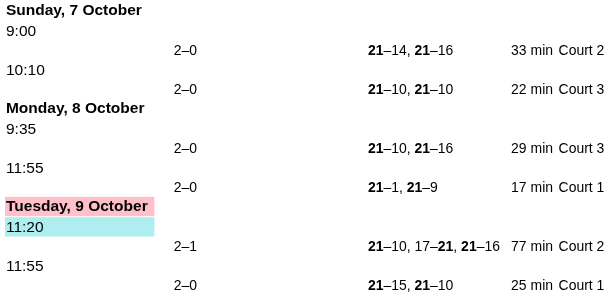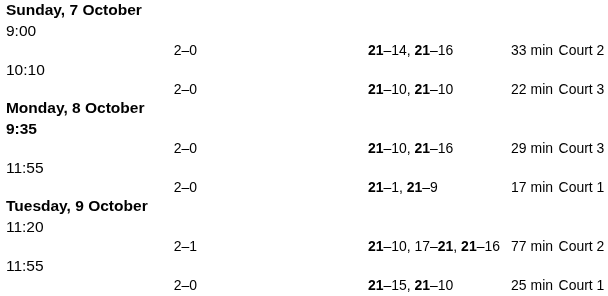 <table style="width:100%;" cellspacing="1">
 <tr>
 <th width=25%></th>
 <th width=10%></th>
 <th width=25%></th>
 </tr>
 <tr>
 <td><strong>Sunday, 7 October</strong></td>
 </tr>
 <tr>
 <td>9:00</td>
 </tr>
 <tr style=font-size:90%>
 <td align=right><strong></strong></td>
 <td align=center>2–0</td>
 <td></td>
 <td><strong>21</strong>–14, <strong>21</strong>–16</td>
 <td>33 min</td>
 <td>Court 2</td>
 </tr>
 <tr>
 <td>10:10</td>
 </tr>
 <tr style=font-size:90%>
 <td align=right><strong></strong></td>
 <td align=center>2–0</td>
 <td></td>
 <td><strong>21</strong>–10, <strong>21</strong>–10</td>
 <td>22 min</td>
 <td>Court 3</td>
 </tr>
 <tr>
 <td><strong>Monday, 8 October</strong></td>
 </tr>
 <tr>
-<td>9:35</td>
+<td><strong>9:35</strong></td>
 </tr>
 <tr style=font-size:90%>
 <td align=right><strong></strong></td>
 <td align=center>2–0</td>
 <td></td>
 <td><strong>21</strong>–10, <strong>21</strong>–16</td>
 <td>29 min</td>
 <td>Court 3</td>
 </tr>
 <tr>
 <td>11:55</td>
 </tr>
 <tr style=font-size:90%>
 <td align=right><strong></strong></td>
 <td align=center>2–0</td>
 <td></td>
 <td><strong>21</strong>–1, <strong>21</strong>–9</td>
 <td>17 min</td>
 <td>Court 1</td>
 </tr>
 <tr>
-<td style="background: pink;"><strong>Tuesday, 9 October</strong></td>
+<td><strong>Tuesday, 9 October</strong></td>
 </tr>
 <tr>
-<td style="background: paleturquoise;">11:20</td>
+<td>11:20</td>
 </tr>
 <tr style=font-size:90%>
 <td align=right><strong></strong></td>
 <td align=center>2–1</td>
 <td></td>
 <td><strong>21</strong>–10, 17–<strong>21</strong>, <strong>21</strong>–16</td>
 <td>77 min</td>
 <td>Court 2</td>
 </tr>
 <tr>
 <td>11:55</td>
 </tr>
 <tr style=font-size:90%>
 <td align=right><strong></strong></td>
 <td align=center>2–0</td>
 <td></td>
 <td><strong>21</strong>–15, <strong>21</strong>–10</td>
 <td>25 min</td>
 <td>Court 1</td>
 </tr>
 </table>
